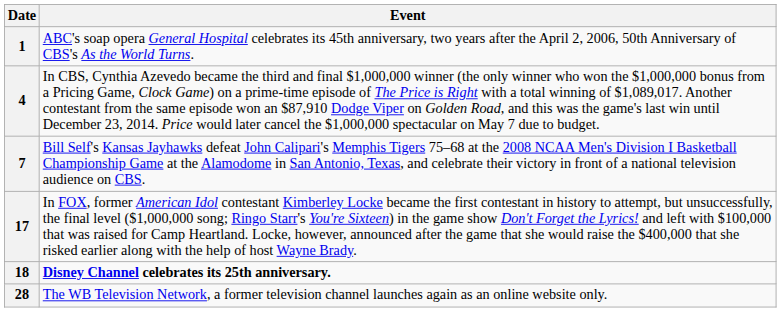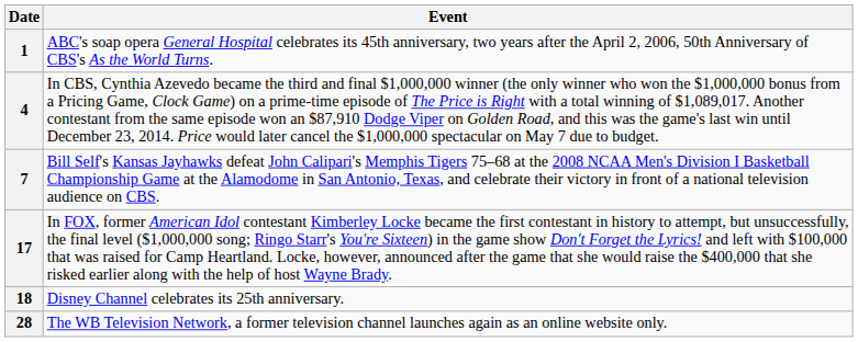 <table class="wikitable">
 <tr>
 <th>Date</th>
 <th>Event</th>
 </tr>
 <tr>
 <th>1</th>
 <td><a href='#'>ABC</a>'s soap opera <em><a href='#'>General Hospital</a></em> celebrates its 45th anniversary, two years after the April 2, 2006, 50th Anniversary of <a href='#'>CBS</a>'s <em><a href='#'>As the World Turns</a></em>.</td>
 </tr>
 <tr>
 <th>4</th>
 <td>In CBS, Cynthia Azevedo became the third and final $1,000,000 winner (the only winner who won the $1,000,000 bonus from a Pricing Game, <em>Clock Game</em>) on a prime-time episode of <em><a href='#'>The Price is Right</a></em> with a total winning of $1,089,017. Another contestant from the same episode won an $87,910 <a href='#'>Dodge Viper</a> on <em>Golden Road</em>, and this was the game's last win until December 23, 2014. <em>Price</em> would later cancel the $1,000,000 spectacular on May 7 due to budget.</td>
 </tr>
 <tr>
 <th>7</th>
 <td><a href='#'>Bill Self</a>'s <a href='#'>Kansas Jayhawks</a> defeat <a href='#'>John Calipari</a>'s <a href='#'>Memphis Tigers</a> 75–68 at the <a href='#'>2008 NCAA Men's Division I Basketball Championship Game</a> at the <a href='#'>Alamodome</a> in <a href='#'>San Antonio, Texas</a>, and celebrate their victory in front of a national television audience on <a href='#'>CBS</a>.</td>
 </tr>
 <tr>
 <th>17</th>
 <td>In <a href='#'>FOX</a>, former <em><a href='#'>American Idol</a></em> contestant <a href='#'>Kimberley Locke</a> became the first contestant in history to attempt, but unsuccessfully, the final level ($1,000,000 song; <a href='#'>Ringo Starr</a>'s <em><a href='#'>You're Sixteen</a></em>) in the game show <em><a href='#'>Don't Forget the Lyrics!</a></em> and left with $100,000 that was raised for Camp Heartland. Locke, however, announced after the game that she would raise the $400,000 that she risked earlier along with the help of host <a href='#'>Wayne Brady</a>.</td>
 </tr>
 <tr>
 <th>18</th>
-<td><strong><a href='#'>Disney Channel</a> celebrates its 25th anniversary.</strong></td>
+<td><a href='#'>Disney Channel</a> celebrates its 25th anniversary.</td>
 </tr>
 <tr>
 <th>28</th>
 <td><a href='#'>The WB Television Network</a>, a former television channel launches again as an online website only.</td>
 </tr>
 </table>
